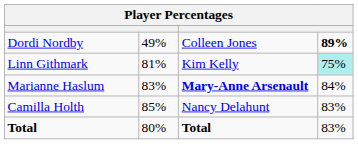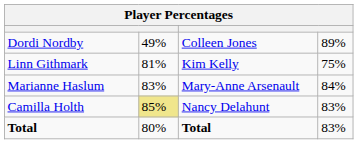 <table class="wikitable">
 <tr>
 <th colspan=4 width=400>Player Percentages</th>
 </tr>
 <tr>
 <th colspan=2 width=200></th>
 <th colspan=2 width=200></th>
 </tr>
 <tr>
 <td><a href='#'>Dordi Nordby</a></td>
 <td>49%</td>
 <td><a href='#'>Colleen Jones</a></td>
-<td><strong>89%</strong></td>
+<td>89%</td>
 </tr>
 <tr>
 <td><a href='#'>Linn Githmark</a></td>
 <td>81%</td>
 <td><a href='#'>Kim Kelly</a></td>
-<td style="background: paleturquoise;">75%</td>
+<td>75%</td>
 </tr>
 <tr>
 <td><a href='#'>Marianne Haslum</a></td>
 <td>83%</td>
-<td><strong><a href='#'>Mary-Anne Arsenault</a></strong></td>
+<td><a href='#'>Mary-Anne Arsenault</a></td>
 <td>84%</td>
 </tr>
 <tr>
 <td><a href='#'>Camilla Holth</a></td>
-<td>85%</td>
+<td style="background: khaki;">85%</td>
 <td><a href='#'>Nancy Delahunt</a></td>
 <td>83%</td>
 </tr>
 <tr>
 <td><strong>Total</strong></td>
 <td>80%</td>
 <td><strong>Total</strong></td>
 <td>83%</td>
 </tr>
 </table>
